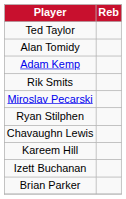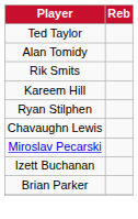 <table class="wikitable sortable" style="text-align:center">
 <tr>
 <th style="background:#C8102E; color:#FFFFFF;">Player</th>
 <th style="background:#C8102E; color:#FFFFFF;">Reb</th>
 </tr>
 <tr>
 <td>Ted Taylor</td>
 <td></td>
 </tr>
 <tr>
 <td>Alan Tomidy</td>
 <td></td>
 </tr>
 <tr>
-<td><a href='#'>Adam Kemp</a></td>
-<td></td>
-</tr>
-<tr>
 <td>Rik Smits</td>
 <td></td>
 </tr>
 <tr>
-<td><a href='#'>Miroslav Pecarski</a></td>
+<td>Kareem Hill</td>
 <td></td>
 </tr>
 <tr>
 <td>Ryan Stilphen</td>
 <td></td>
 </tr>
 <tr>
 <td>Chavaughn Lewis</td>
 <td></td>
 </tr>
 <tr>
-<td>Kareem Hill</td>
+<td><a href='#'>Miroslav Pecarski</a></td>
 <td></td>
 </tr>
 <tr>
 <td>Izett Buchanan</td>
 <td></td>
 </tr>
 <tr>
 <td>Brian Parker</td>
 <td></td>
 </tr>
 <tr>
 </tr>
 </table>
